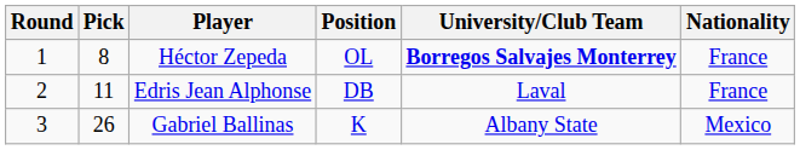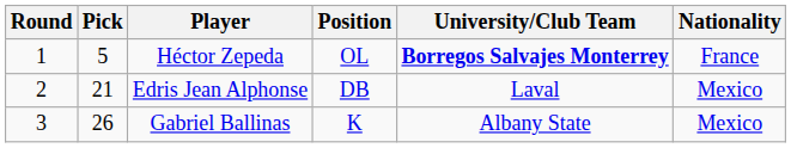 <table class="wikitable sortable">
 <tr>
 <th scope="col">Round</th>
 <th scope="col">Pick</th>
 <th scope="col">Player</th>
 <th scope="col">Position</th>
 <th scope="col">University/Club Team</th>
 <th scope="col">Nationality</th>
 </tr>
 <tr align="center">
 <td align=center>1</td>
-<td>8</td>
+<td>5</td>
 <td><a href='#'>Héctor Zepeda</a></td>
 <td><a href='#'>OL</a></td>
 <td><strong><a href='#'>Borregos Salvajes Monterrey</a></strong></td>
 <td> <a href='#'>France</a></td>
 </tr>
 <tr align="center">
 <td align=center>2</td>
-<td>11</td>
+<td>21</td>
 <td><a href='#'>Edris Jean Alphonse</a></td>
 <td><a href='#'>DB</a></td>
 <td><a href='#'>Laval</a></td>
-<td> <a href='#'>France</a></td>
+<td> <a href='#'>Mexico</a></td>
 </tr>
 <tr align="center">
 <td align=center>3</td>
 <td>26</td>
 <td><a href='#'>Gabriel Ballinas</a></td>
 <td><a href='#'>K</a></td>
 <td><a href='#'>Albany State</a></td>
 <td> <a href='#'>Mexico</a></td>
 </tr>
 </table>
